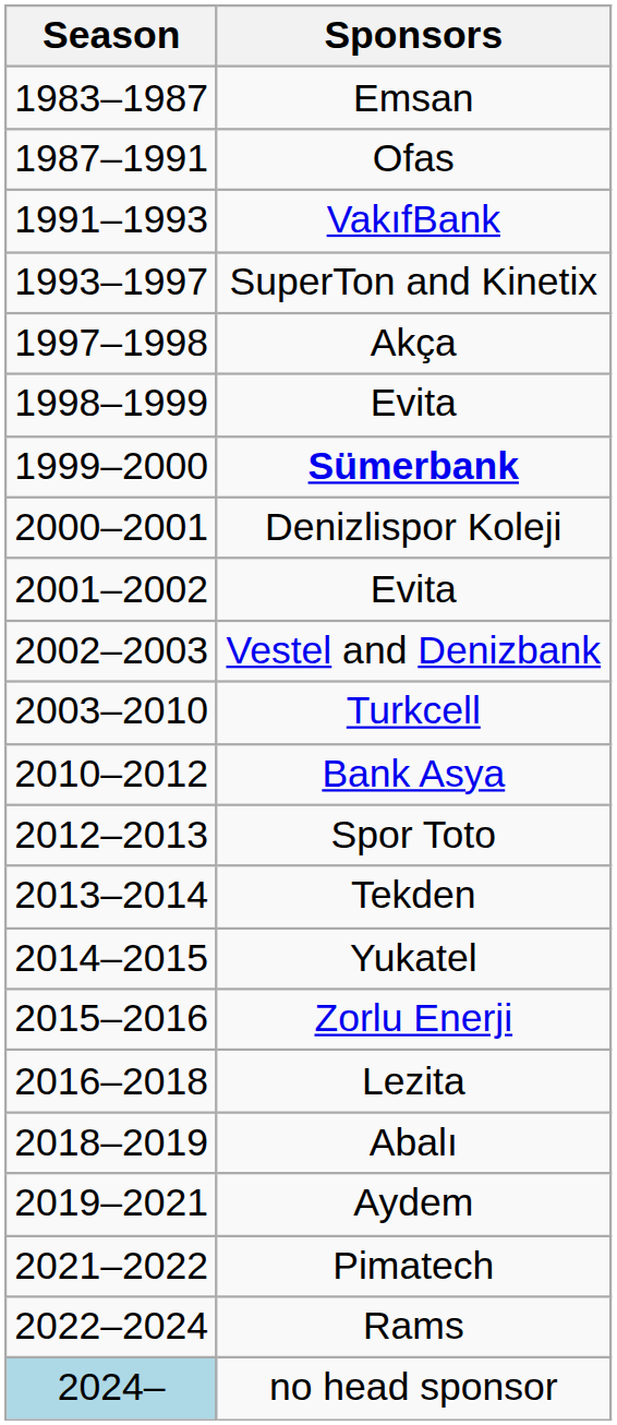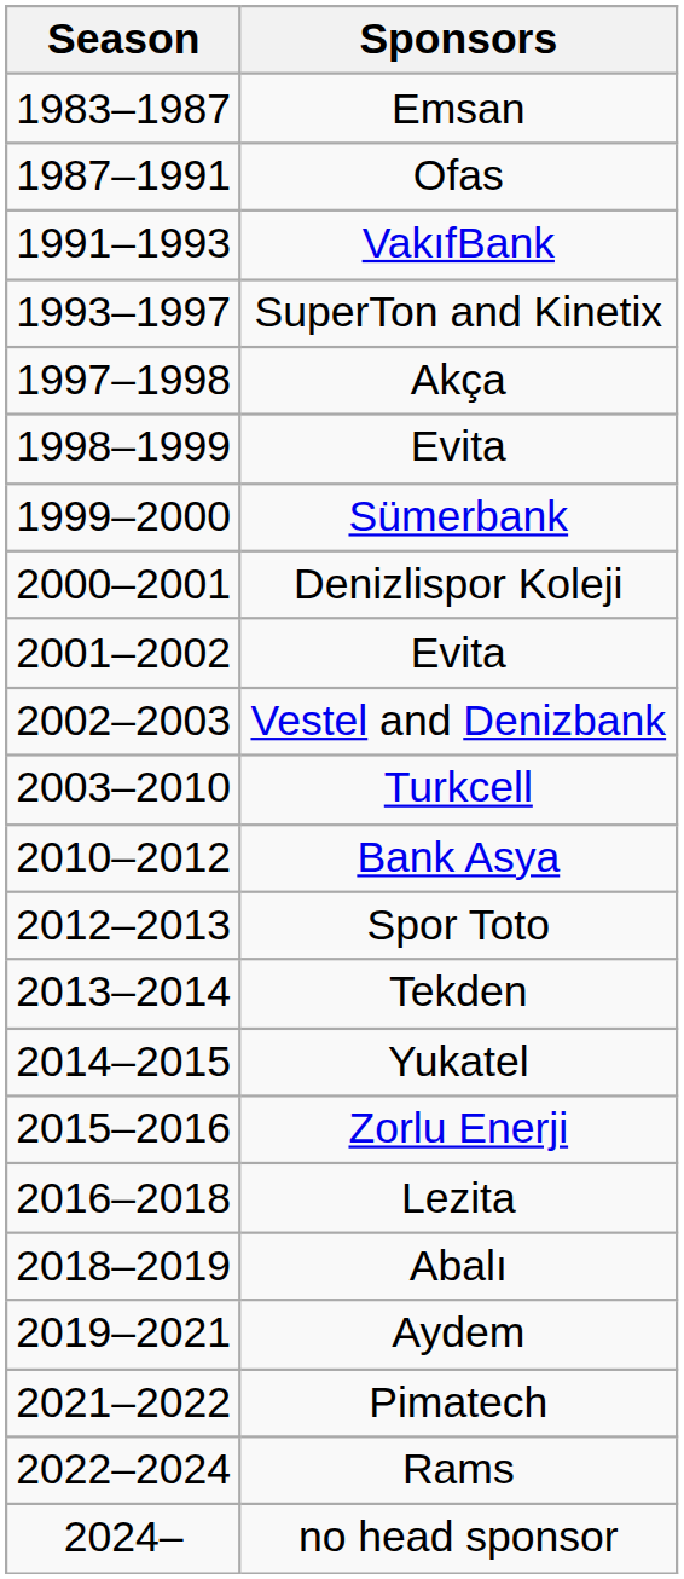 <table class="wikitable" style="text-align: center">
 <tr>
 <th>Season</th>
 <th>Sponsors</th>
 </tr>
 <tr>
 <td>1983–1987</td>
 <td>Emsan</td>
 </tr>
 <tr>
 <td>1987–1991</td>
 <td>Ofas</td>
 </tr>
 <tr>
 <td>1991–1993</td>
 <td><a href='#'>VakıfBank</a></td>
 </tr>
 <tr>
 <td>1993–1997</td>
 <td>SuperTon and Kinetix</td>
 </tr>
 <tr>
 <td>1997–1998</td>
 <td>Akça</td>
 </tr>
 <tr>
 <td>1998–1999</td>
 <td>Evita</td>
 </tr>
 <tr>
 <td>1999–2000</td>
-<td><strong><a href='#'>Sümerbank</a></strong></td>
+<td><a href='#'>Sümerbank</a></td>
 </tr>
 <tr>
 <td>2000–2001</td>
 <td>Denizlispor Koleji</td>
 </tr>
 <tr>
 <td>2001–2002</td>
 <td>Evita</td>
 </tr>
 <tr>
 <td>2002–2003</td>
 <td><a href='#'>Vestel</a> and <a href='#'>Denizbank</a></td>
 </tr>
 <tr>
 <td>2003–2010</td>
 <td><a href='#'>Turkcell</a></td>
 </tr>
 <tr>
 <td>2010–2012</td>
 <td><a href='#'>Bank Asya</a></td>
 </tr>
 <tr>
 <td>2012–2013</td>
 <td>Spor Toto</td>
 </tr>
 <tr>
 <td>2013–2014</td>
 <td>Tekden</td>
 </tr>
 <tr>
 <td>2014–2015</td>
 <td>Yukatel</td>
 </tr>
 <tr>
 <td>2015–2016</td>
 <td><a href='#'>Zorlu Enerji</a></td>
 </tr>
 <tr>
 <td>2016–2018</td>
 <td>Lezita</td>
 </tr>
 <tr>
 <td>2018–2019</td>
 <td>Abalı</td>
 </tr>
 <tr>
 <td>2019–2021</td>
 <td>Aydem</td>
 </tr>
 <tr>
 <td>2021–2022</td>
 <td>Pimatech</td>
 </tr>
 <tr>
 <td>2022–2024</td>
 <td>Rams</td>
 </tr>
 <tr>
-<td style="background: lightblue;">2024–</td>
+<td>2024–</td>
 <td>no head sponsor</td>
 </tr>
 </table>
